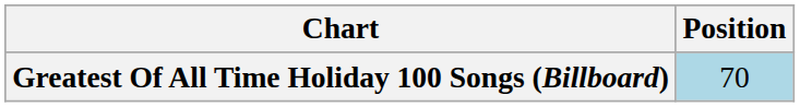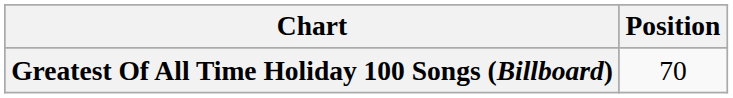 <table class="wikitable plainrowheaders sortable" style="text-align:center">
 <tr>
 <th scope="col">Chart</th>
 <th scope="col">Position</th>
 </tr>
 <tr>
 <th scope="row">Greatest Of All Time Holiday 100 Songs (<em>Billboard</em>)</th>
-<td style="background: lightblue;">70</td>
+<td>70</td>
 </tr>
 </table>
